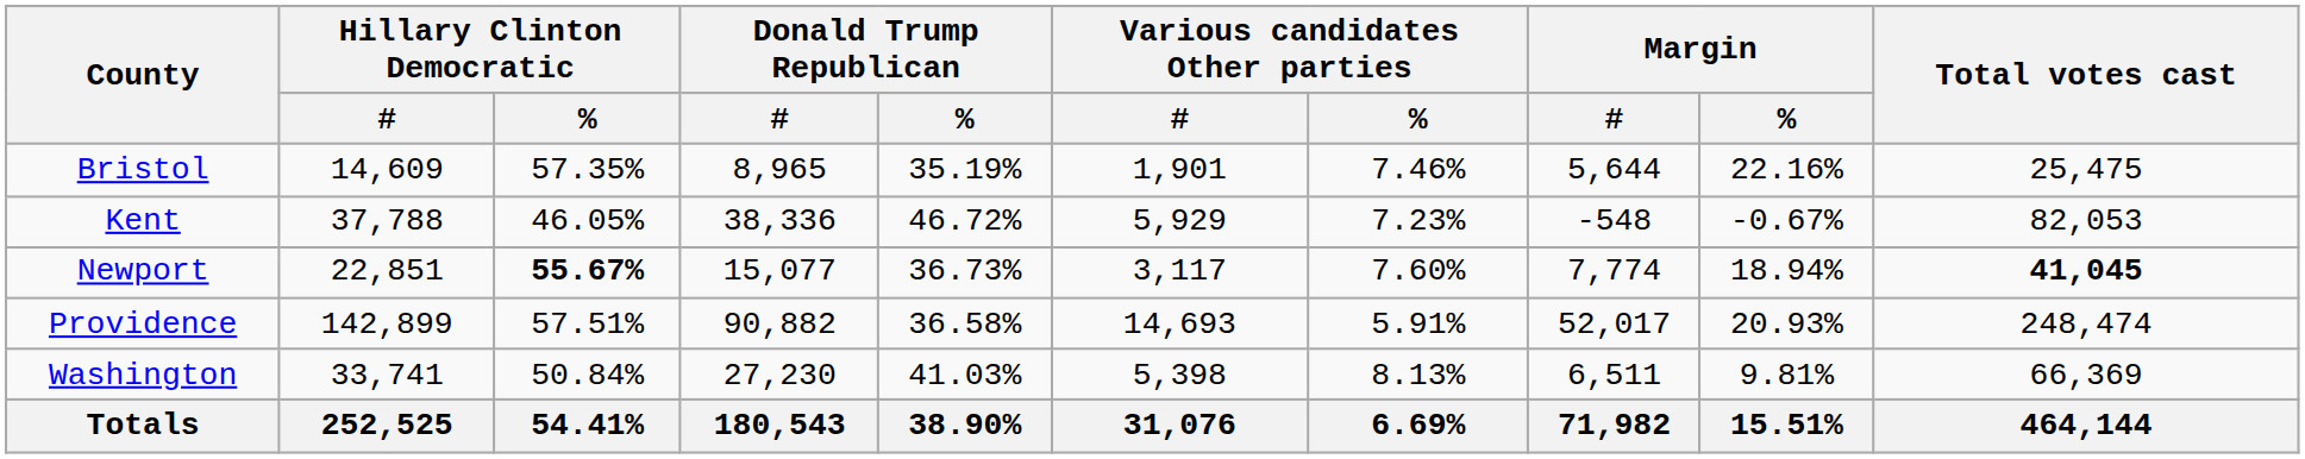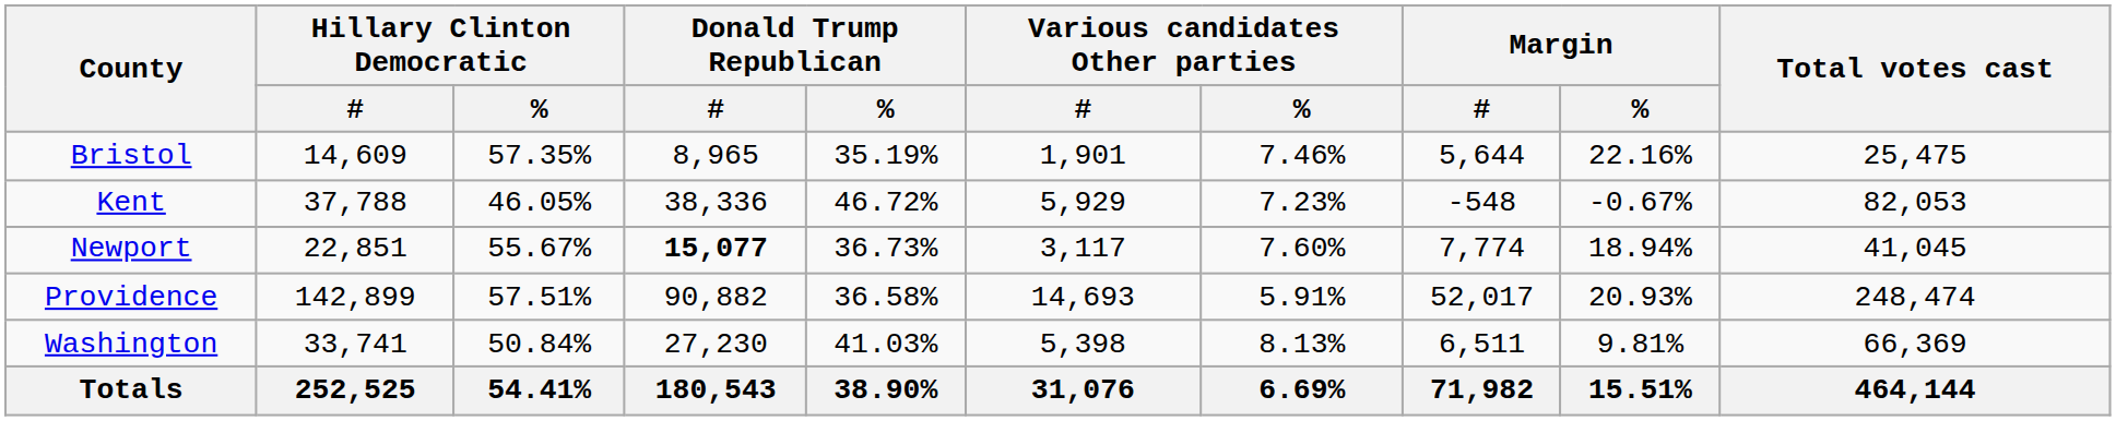 <table width="60%"  class="wikitable sortable" style="text-align:center">
 <tr>
 <th style="text-align:center;" rowspan="2">County</th>
 <th style="text-align:center;" colspan="2">Hillary Clinton<br>Democratic</th>
 <th style="text-align:center;" colspan="2">Donald Trump<br>Republican</th>
 <th style="text-align:center;" colspan="2">Various candidates<br>Other parties</th>
 <th style="text-align:center;" colspan="2">Margin</th>
 <th style="text-align:center;" rowspan="2">Total votes cast</th>
 </tr>
 <tr>
 <th style="text-align:center;" data-sort-type="number">#</th>
 <th style="text-align:center;" data-sort-type="number">%</th>
 <th style="text-align:center;" data-sort-type="number">#</th>
 <th style="text-align:center;" data-sort-type="number">%</th>
 <th style="text-align:center;" data-sort-type="number">#</th>
 <th style="text-align:center;" data-sort-type="number">%</th>
 <th style="text-align:center;" data-sort-type="number">#</th>
 <th style="text-align:center;" data-sort-type="number">%</th>
 </tr>
 <tr style="text-align:center;">
 <td><a href='#'>Bristol</a></td>
 <td>14,609</td>
 <td>57.35%</td>
 <td>8,965</td>
 <td>35.19%</td>
 <td>1,901</td>
 <td>7.46%</td>
 <td>5,644</td>
 <td>22.16%</td>
 <td>25,475</td>
 </tr>
 <tr style="text-align:center;">
 <td><a href='#'>Kent</a></td>
 <td>37,788</td>
 <td>46.05%</td>
 <td>38,336</td>
 <td>46.72%</td>
 <td>5,929</td>
 <td>7.23%</td>
 <td>-548</td>
 <td>-0.67%</td>
 <td>82,053</td>
 </tr>
 <tr style="text-align:center;">
 <td><a href='#'>Newport</a></td>
 <td>22,851</td>
-<td><strong>55.67%</strong></td>
-<td>15,077</td>
+<td>55.67%</td>
+<td><strong>15,077</strong></td>
 <td>36.73%</td>
 <td>3,117</td>
 <td>7.60%</td>
 <td>7,774</td>
 <td>18.94%</td>
-<td><strong>41,045</strong></td>
+<td>41,045</td>
 </tr>
 <tr style="text-align:center;">
 <td><a href='#'>Providence</a></td>
 <td>142,899</td>
 <td>57.51%</td>
 <td>90,882</td>
 <td>36.58%</td>
 <td>14,693</td>
 <td>5.91%</td>
 <td>52,017</td>
 <td>20.93%</td>
 <td>248,474</td>
 </tr>
 <tr style="text-align:center;">
 <td><a href='#'>Washington</a></td>
 <td>33,741</td>
 <td>50.84%</td>
 <td>27,230</td>
 <td>41.03%</td>
 <td>5,398</td>
 <td>8.13%</td>
 <td>6,511</td>
 <td>9.81%</td>
 <td>66,369</td>
 </tr>
 <tr>
 <th>Totals</th>
 <th>252,525</th>
 <th>54.41%</th>
 <th>180,543</th>
 <th>38.90%</th>
 <th>31,076</th>
 <th>6.69%</th>
 <th>71,982</th>
 <th>15.51%</th>
 <th>464,144</th>
 </tr>
 </table>
